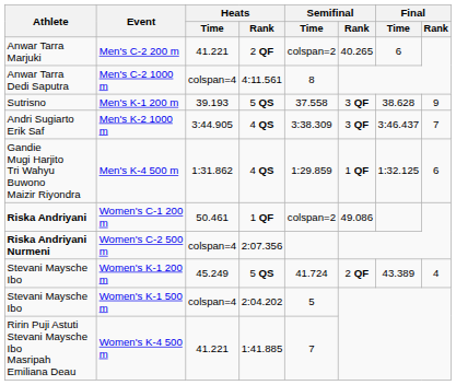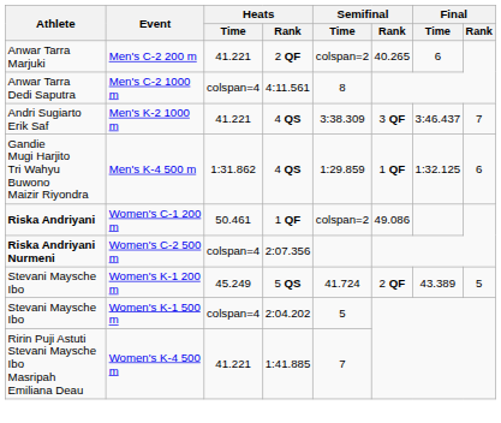 <table class=wikitable style=font-size:90%;text-align:center>
 <tr>
 <th rowspan=2>Athlete</th>
 <th rowspan=2>Event</th>
 <th colspan=2>Heats</th>
 <th colspan=2>Semifinal</th>
 <th colspan=2>Final</th>
 </tr>
 <tr style="font-size:95%">
 <th>Time</th>
 <th>Rank</th>
 <th>Time</th>
 <th>Rank</th>
 <th>Time</th>
 <th>Rank</th>
 </tr>
 <tr>
 <td align=left>Anwar Tarra<br>Marjuki</td>
 <td align=left><a href='#'>Men's C-2 200 m</a></td>
 <td>41.221</td>
 <td>2 <strong>QF</strong></td>
 <td>colspan=2 </td>
 <td>40.265</td>
 <td>6</td>
 </tr>
 <tr>
 <td align=left>Anwar Tarra<br>Dedi Saputra</td>
 <td align=left><a href='#'>Men's C-2 1000 m</a></td>
 <td>colspan=4 </td>
 <td>4:11.561</td>
 <td>8</td>
 </tr>
 <tr>
-<td align=left>Sutrisno</td>
-<td align=left><a href='#'>Men's K-1 200 m</a></td>
-<td>39.193</td>
-<td>5 <strong>QS</strong></td>
-<td>37.558</td>
-<td>3 <strong>QF</strong></td>
-<td>38.628</td>
-<td>9</td>
-</tr>
-<tr>
 <td align=left>Andri Sugiarto<br>Erik Saf</td>
 <td align=left><a href='#'>Men's K-2 1000 m</a></td>
-<td>3:44.905</td>
+<td>41.221</td>
 <td>4 <strong>QS</strong></td>
 <td>3:38.309</td>
 <td>3 <strong>QF</strong></td>
 <td>3:46.437</td>
 <td>7</td>
 </tr>
 <tr>
 <td align=left>Gandie<br>Mugi Harjito<br>Tri Wahyu Buwono<br>Maizir Riyondra</td>
 <td align=left><a href='#'>Men's K-4 500 m</a></td>
 <td>1:31.862</td>
 <td>4 <strong>QS</strong></td>
 <td>1:29.859</td>
 <td>1 <strong>QF</strong></td>
 <td>1:32.125</td>
 <td>6</td>
 </tr>
 <tr>
 <td align=left><strong>Riska Andriyani</strong></td>
 <td align=left><a href='#'>Women's C-1 200 m</a></td>
 <td>50.461</td>
 <td>1 <strong>QF</strong></td>
 <td>colspan=2 </td>
 <td>49.086</td>
 <td></td>
 </tr>
 <tr>
 <td align=left><strong>Riska Andriyani<br>Nurmeni</strong></td>
 <td align=left><a href='#'>Women's C-2 500 m</a></td>
 <td>colspan=4 </td>
 <td>2:07.356</td>
 <td></td>
 </tr>
 <tr>
 <td align=left>Stevani Maysche Ibo</td>
 <td align=left><a href='#'>Women's K-1 200 m</a></td>
 <td>45.249</td>
 <td>5 <strong>QS</strong></td>
 <td>41.724</td>
 <td>2 <strong>QF</strong></td>
 <td>43.389</td>
-<td>4</td>
+<td>5</td>
 </tr>
 <tr>
 <td align=left>Stevani Maysche Ibo</td>
 <td align=left><a href='#'>Women's K-1 500 m</a></td>
 <td>colspan=4 </td>
 <td>2:04.202</td>
 <td>5</td>
 </tr>
 <tr>
 <td align=left>Ririn Puji Astuti<br>Stevani Maysche Ibo<br>Masripah<br>Emiliana Deau</td>
 <td align=left><a href='#'>Women's K-4 500 m</a></td>
 <td>41.221</td>
 <td>1:41.885</td>
 <td>7</td>
 </tr>
 </table>
